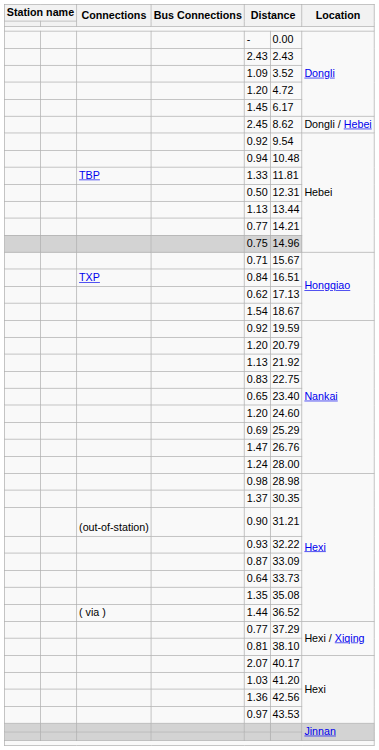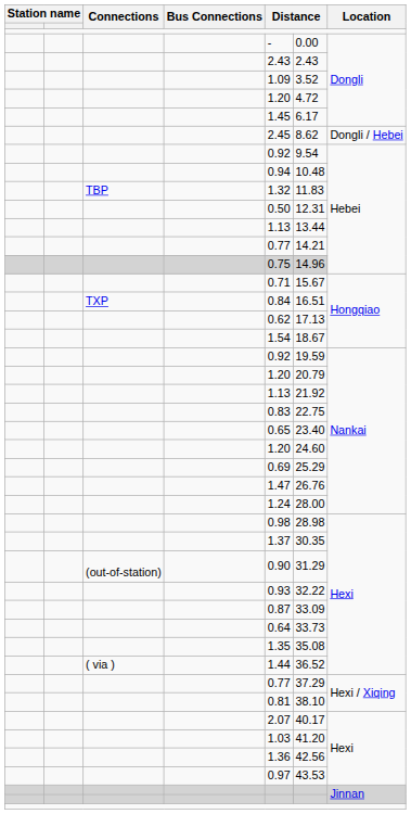 <table class="wikitable">
 <tr>
 <th colspan="2">Station name</th>
 <th rowspan="2">Connections</th>
 <th rowspan="2">Bus Connections</th>
 <th colspan="2" rowspan="2">Distance<br></th>
 <th rowspan="2">Location</th>
 </tr>
 <tr>
 <th></th>
 <th></th>
 </tr>
 <tr style="background:#">
 <td colspan = "7"></td>
 </tr>
 <tr>
 <td></td>
 <td></td>
 <td></td>
 <td></td>
 <td>-</td>
 <td>0.00</td>
 <td rowspan="5"><a href='#'>Dongli</a></td>
 </tr>
 <tr>
 <td></td>
 <td></td>
 <td></td>
 <td></td>
 <td>2.43</td>
 <td>2.43</td>
 </tr>
 <tr>
 <td></td>
 <td></td>
 <td></td>
 <td></td>
 <td>1.09</td>
 <td>3.52</td>
 </tr>
 <tr>
 <td></td>
 <td></td>
 <td></td>
 <td></td>
 <td>1.20</td>
 <td>4.72</td>
 </tr>
 <tr>
 <td></td>
 <td></td>
 <td></td>
 <td></td>
 <td>1.45</td>
 <td>6.17</td>
 </tr>
 <tr>
 <td></td>
 <td></td>
 <td></td>
 <td></td>
 <td>2.45</td>
 <td>8.62</td>
 <td>Dongli / <a href='#'>Hebei</a></td>
 </tr>
 <tr>
 <td></td>
 <td></td>
 <td></td>
 <td></td>
 <td>0.92</td>
 <td>9.54</td>
 <td rowspan="7">Hebei</td>
 </tr>
 <tr>
 <td></td>
 <td></td>
 <td></td>
 <td></td>
 <td>0.94</td>
 <td>10.48</td>
 </tr>
 <tr>
 <td></td>
 <td></td>
 <td>  <a href='#'>TBP</a></td>
 <td></td>
-<td>1.33</td>
-<td>11.81</td>
+<td>1.32</td>
+<td>11.83</td>
 </tr>
 <tr>
 <td></td>
 <td></td>
 <td></td>
 <td></td>
 <td>0.50</td>
 <td>12.31</td>
 </tr>
 <tr>
 <td></td>
 <td></td>
 <td></td>
 <td></td>
 <td>1.13</td>
 <td>13.44</td>
 </tr>
 <tr>
 <td></td>
 <td></td>
 <td></td>
 <td></td>
 <td>0.77</td>
 <td>14.21</td>
 </tr>
 <tr bgcolor="lightgrey">
 <td><em></em></td>
 <td></td>
 <td></td>
 <td></td>
 <td>0.75</td>
 <td>14.96</td>
 </tr>
 <tr>
 <td></td>
 <td></td>
 <td></td>
 <td></td>
 <td>0.71</td>
 <td>15.67</td>
 <td rowspan="4"><a href='#'>Hongqiao</a></td>
 </tr>
 <tr>
 <td></td>
 <td></td>
 <td>  <a href='#'>TXP</a></td>
 <td></td>
 <td>0.84</td>
 <td>16.51</td>
 </tr>
 <tr>
 <td></td>
 <td></td>
 <td></td>
 <td></td>
 <td>0.62</td>
 <td>17.13</td>
 </tr>
 <tr>
 <td></td>
 <td></td>
 <td></td>
 <td></td>
 <td>1.54</td>
 <td>18.67</td>
 </tr>
 <tr>
 <td></td>
 <td></td>
 <td></td>
 <td></td>
 <td>0.92</td>
 <td>19.59</td>
 <td rowspan="9"><a href='#'>Nankai</a></td>
 </tr>
 <tr>
 <td></td>
 <td></td>
 <td></td>
 <td></td>
 <td>1.20</td>
 <td>20.79</td>
 </tr>
 <tr>
 <td></td>
 <td></td>
 <td></td>
 <td></td>
 <td>1.13</td>
 <td>21.92</td>
 </tr>
 <tr>
 <td></td>
 <td></td>
 <td></td>
 <td></td>
 <td>0.83</td>
 <td>22.75</td>
 </tr>
 <tr>
 <td></td>
 <td></td>
 <td></td>
 <td></td>
 <td>0.65</td>
 <td>23.40</td>
 </tr>
 <tr>
 <td></td>
 <td></td>
 <td></td>
 <td></td>
 <td>1.20</td>
 <td>24.60</td>
 </tr>
 <tr>
 <td></td>
 <td></td>
 <td></td>
 <td></td>
 <td>0.69</td>
 <td>25.29</td>
 </tr>
 <tr>
 <td></td>
 <td></td>
 <td></td>
 <td></td>
 <td>1.47</td>
 <td>26.76</td>
 </tr>
 <tr>
 <td></td>
 <td></td>
 <td></td>
 <td></td>
 <td>1.24</td>
 <td>28.00</td>
 </tr>
 <tr>
 <td></td>
 <td></td>
 <td></td>
 <td></td>
 <td>0.98</td>
 <td>28.98</td>
 <td rowspan="8"><a href='#'>Hexi</a></td>
 </tr>
 <tr>
 <td></td>
 <td></td>
 <td></td>
 <td></td>
 <td>1.37</td>
 <td>30.35</td>
 </tr>
 <tr>
 <td></td>
 <td></td>
 <td><br> (out-of-station)</td>
 <td></td>
 <td>0.90</td>
-<td>31.21</td>
+<td>31.29</td>
 </tr>
 <tr>
 <td></td>
 <td></td>
 <td></td>
 <td></td>
 <td>0.93</td>
 <td>32.22</td>
 </tr>
 <tr>
 <td></td>
 <td></td>
 <td></td>
 <td></td>
 <td>0.87</td>
 <td>33.09</td>
 </tr>
 <tr>
 <td></td>
 <td></td>
 <td></td>
 <td></td>
 <td>0.64</td>
 <td>33.73</td>
 </tr>
 <tr>
 <td></td>
 <td></td>
 <td></td>
 <td></td>
 <td>1.35</td>
 <td>35.08</td>
 </tr>
 <tr>
 <td></td>
 <td></td>
 <td> ( via )</td>
 <td></td>
 <td>1.44</td>
 <td>36.52</td>
 </tr>
 <tr>
 <td></td>
 <td></td>
 <td></td>
 <td></td>
 <td>0.77</td>
 <td>37.29</td>
 <td rowspan="2">Hexi / <a href='#'>Xiqing</a></td>
 </tr>
 <tr>
 <td></td>
 <td></td>
 <td></td>
 <td></td>
 <td>0.81</td>
 <td>38.10</td>
 </tr>
 <tr>
 <td></td>
 <td></td>
 <td></td>
 <td></td>
 <td>2.07</td>
 <td>40.17</td>
 <td rowspan="4">Hexi</td>
 </tr>
 <tr>
 <td></td>
 <td></td>
 <td></td>
 <td></td>
 <td>1.03</td>
 <td>41.20</td>
 </tr>
 <tr>
 <td></td>
 <td></td>
 <td></td>
 <td></td>
 <td>1.36</td>
 <td>42.56</td>
 </tr>
 <tr>
 <td></td>
 <td></td>
 <td></td>
 <td></td>
 <td>0.97</td>
 <td>43.53</td>
 </tr>
 <tr bgcolor="lightgrey">
 <td><em></em></td>
 <td></td>
 <td></td>
 <td></td>
 <td></td>
 <td></td>
 <td rowspan="2"><a href='#'>Jinnan</a></td>
 </tr>
 <tr bgcolor="lightgrey">
 <td><em></em></td>
 <td></td>
 <td></td>
 <td></td>
 <td></td>
 <td></td>
 </tr>
 <tr style="background:#">
 <td colspan = "7"></td>
 </tr>
 </table>
